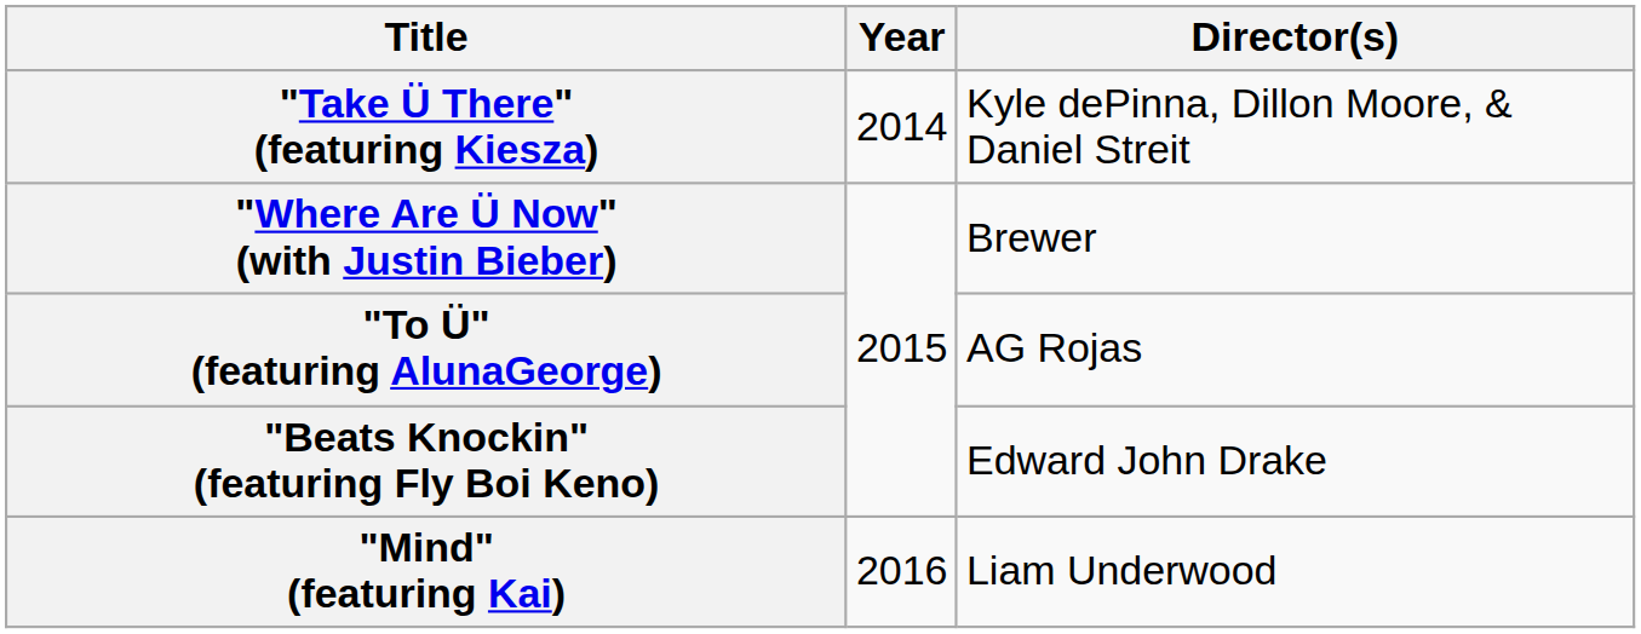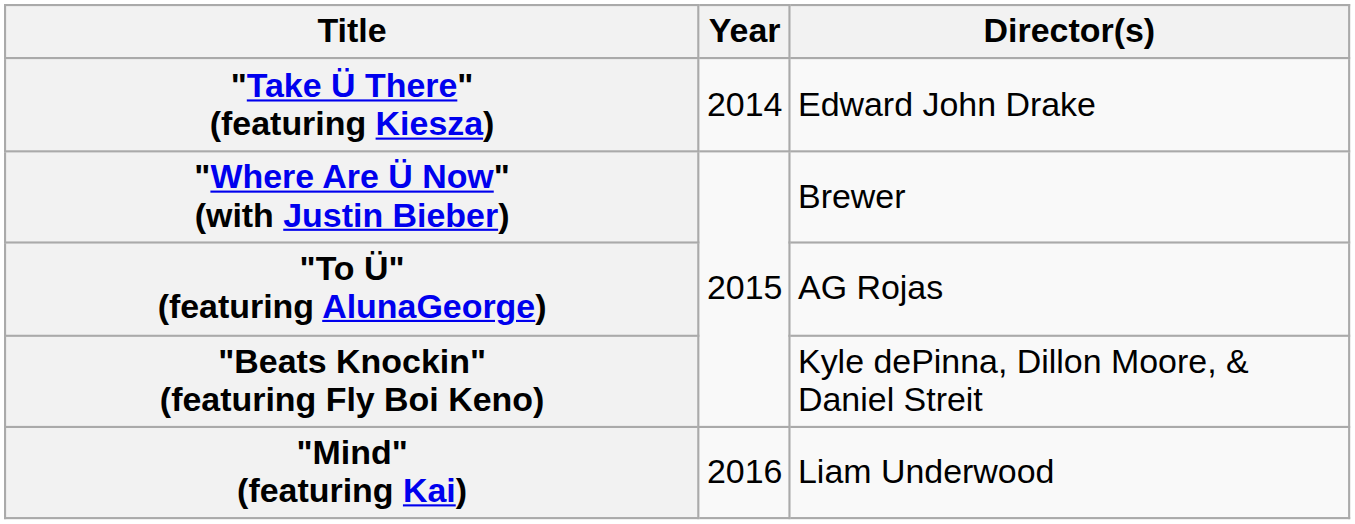 <table class="wikitable plainrowheaders" style="text-align:left;">
 <tr>
 <th scope="col" style="width:20em;">Title</th>
 <th scope="col">Year</th>
 <th scope="col" style="width:16em;">Director(s)</th>
 </tr>
 <tr>
 <th scope="row">"<a href='#'>Take Ü There</a>"<br><span>(featuring <a href='#'>Kiesza</a>)</span></th>
 <td>2014</td>
-<td>Kyle dePinna, Dillon Moore, & Daniel Streit</td>
+<td>Edward John Drake</td>
 </tr>
 <tr>
 <th scope="row">"<a href='#'>Where Are Ü Now</a>"<br><span>(with <a href='#'>Justin Bieber</a>)</span></th>
 <td rowspan="3">2015</td>
 <td>Brewer</td>
 </tr>
 <tr>
 <th scope="row">"To Ü"<br><span>(featuring <a href='#'>AlunaGeorge</a>)</span></th>
 <td>AG Rojas</td>
 </tr>
 <tr>
 <th scope="row">"Beats Knockin"<br><span>(featuring Fly Boi Keno)</span></th>
-<td>Edward John Drake</td>
+<td>Kyle dePinna, Dillon Moore, & Daniel Streit</td>
 </tr>
 <tr>
 <th scope="row">"Mind"<br><span>(featuring <a href='#'>Kai</a>)</span></th>
 <td rowspan="2">2016</td>
 <td rowspan="2">Liam Underwood</td>
 </tr>
 </table>
